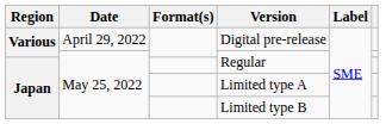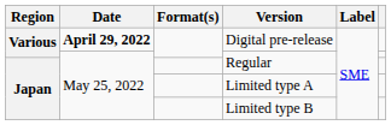 <table class="wikitable plainrowheaders">
 <tr>
 <th scope="col">Region</th>
 <th scope="col">Date</th>
 <th scope="col">Format(s)</th>
 <th scope="col">Version</th>
 <th scope="col">Label</th>
 <th scope="col"></th>
 </tr>
 <tr>
 <th rowspan="2" scope="row">Various</th>
-<td>April 29, 2022</td>
+<td><strong>April 29, 2022</strong></td>
 <td rowspan="2"></td>
 <td>Digital pre-release</td>
 <td rowspan="5"><a href='#'>SME</a></td>
 <td align="center"></td>
 </tr>
 <tr>
 <td rowspan="4">May 25, 2022</td>
 <td rowspan="2">Regular</td>
 <td align="center"></td>
 </tr>
 <tr>
 <th rowspan="3" scope="row">Japan</th>
 <td></td>
 <td align="center"></td>
 </tr>
 <tr>
 <td></td>
 <td>Limited type A</td>
 <td align="center"></td>
 </tr>
 <tr>
 <td></td>
 <td>Limited type B</td>
 <td align="center"></td>
 </tr>
 </table>
